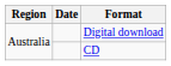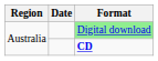 <table class="wikitable">
 <tr>
 <th>Region</th>
 <th>Date</th>
 <th>Format</th>
 </tr>
 <tr>
 <td rowspan="2">Australia</td>
 <td></td>
-<td><a href='#'>Digital download</a></td>
+<td style="background: lightgreen;"><a href='#'>Digital download</a></td>
 </tr>
 <tr>
 <td></td>
-<td><a href='#'>CD</a></td>
+<td><strong><a href='#'>CD</a></strong></td>
 </tr>
 </table>
